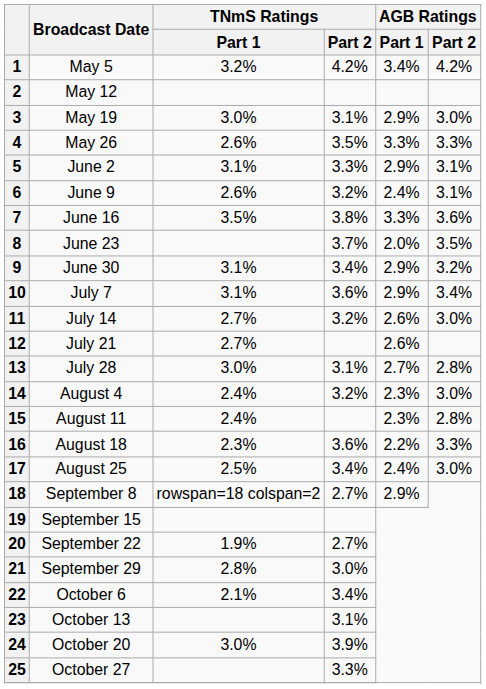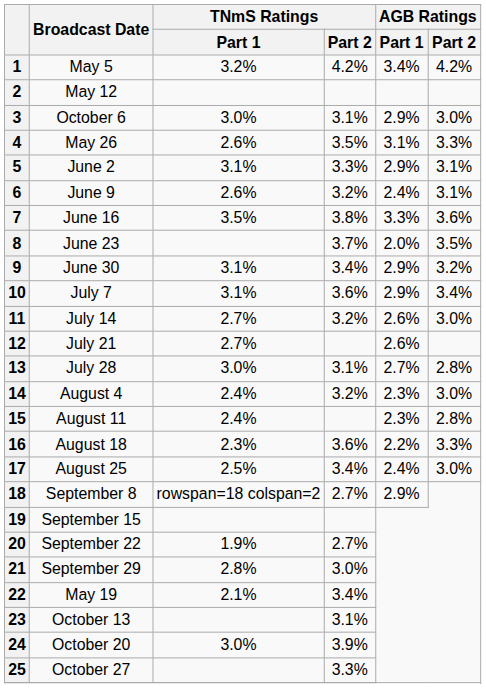 <table class="wikitable sortable" style=text-align:center>
 <tr>
 <th rowspan=2></th>
 <th rowspan=2>Broadcast Date</th>
 <th colspan=2>TNmS Ratings</th>
 <th colspan=2>AGB Ratings</th>
 </tr>
 <tr>
 <th>Part 1</th>
 <th>Part 2</th>
 <th>Part 1</th>
 <th>Part 2</th>
 </tr>
 <tr>
 <th>1</th>
 <td>May 5</td>
 <td>3.2%</td>
 <td>4.2%</td>
 <td>3.4%</td>
 <td>4.2%</td>
 </tr>
 <tr>
 <th>2</th>
 <td>May 12</td>
 <td></td>
 <td></td>
 <td></td>
 <td></td>
 </tr>
 <tr>
 <th>3</th>
-<td>May 19</td>
+<td>October 6</td>
 <td>3.0%</td>
 <td>3.1%</td>
 <td>2.9%</td>
 <td>3.0%</td>
 </tr>
 <tr>
 <th>4</th>
 <td>May 26</td>
 <td>2.6%</td>
 <td>3.5%</td>
-<td>3.3%</td>
+<td>3.1%</td>
 <td>3.3%</td>
 </tr>
 <tr>
 <th>5</th>
 <td>June 2</td>
 <td>3.1%</td>
 <td>3.3%</td>
 <td>2.9%</td>
 <td>3.1%</td>
 </tr>
 <tr>
 <th>6</th>
 <td>June 9</td>
 <td>2.6%</td>
 <td>3.2%</td>
 <td>2.4%</td>
 <td>3.1%</td>
 </tr>
 <tr>
 <th>7</th>
 <td>June 16</td>
 <td>3.5%</td>
 <td>3.8%</td>
 <td>3.3%</td>
 <td>3.6%</td>
 </tr>
 <tr>
 <th>8</th>
 <td>June 23</td>
 <td></td>
 <td>3.7%</td>
 <td>2.0%</td>
 <td>3.5%</td>
 </tr>
 <tr>
 <th>9</th>
 <td>June 30</td>
 <td>3.1%</td>
 <td>3.4%</td>
 <td>2.9%</td>
 <td>3.2%</td>
 </tr>
 <tr>
 <th>10</th>
 <td>July 7</td>
 <td>3.1%</td>
 <td>3.6%</td>
 <td>2.9%</td>
 <td>3.4%</td>
 </tr>
 <tr>
 <th>11</th>
 <td>July 14</td>
 <td>2.7%</td>
 <td>3.2%</td>
 <td>2.6%</td>
 <td>3.0%</td>
 </tr>
 <tr>
 <th>12</th>
 <td>July 21</td>
 <td>2.7%</td>
 <td></td>
 <td>2.6%</td>
 <td></td>
 </tr>
 <tr>
 <th>13</th>
 <td>July 28</td>
 <td>3.0%</td>
 <td>3.1%</td>
 <td>2.7%</td>
 <td>2.8%</td>
 </tr>
 <tr>
 <th>14</th>
 <td>August 4</td>
 <td>2.4%</td>
 <td>3.2%</td>
 <td>2.3%</td>
 <td>3.0%</td>
 </tr>
 <tr>
 <th>15</th>
 <td>August 11</td>
 <td>2.4%</td>
 <td></td>
 <td>2.3%</td>
 <td>2.8%</td>
 </tr>
 <tr>
 <th>16</th>
 <td>August 18</td>
 <td>2.3%</td>
 <td>3.6%</td>
 <td>2.2%</td>
 <td>3.3%</td>
 </tr>
 <tr>
 <th>17</th>
 <td>August 25</td>
 <td>2.5%</td>
 <td>3.4%</td>
 <td>2.4%</td>
 <td>3.0%</td>
 </tr>
 <tr>
 <th>18</th>
 <td>September 8</td>
 <td>rowspan=18 colspan=2 </td>
 <td>2.7%</td>
 <td>2.9%</td>
 </tr>
 <tr>
 <th>19</th>
 <td>September 15</td>
 <td></td>
 <td></td>
 </tr>
 <tr>
 <th>20</th>
 <td>September 22</td>
 <td>1.9%</td>
 <td>2.7%</td>
 </tr>
 <tr>
 <th>21</th>
 <td>September 29</td>
 <td>2.8%</td>
 <td>3.0%</td>
 </tr>
 <tr>
 <th>22</th>
-<td>October 6</td>
+<td>May 19</td>
 <td>2.1%</td>
 <td>3.4%</td>
 </tr>
 <tr>
 <th>23</th>
 <td>October 13</td>
 <td></td>
 <td>3.1%</td>
 </tr>
 <tr>
 <th>24</th>
 <td>October 20</td>
 <td>3.0%</td>
 <td>3.9%</td>
 </tr>
 <tr>
 <th>25</th>
 <td>October 27</td>
 <td></td>
 <td>3.3%</td>
 </tr>
 <tr>
 </tr>
 </table>
